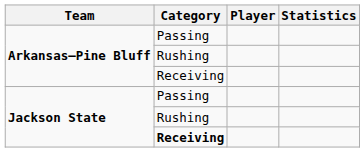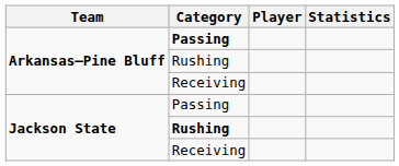 <table class="wikitable" style="float: right;">
 <tr>
 <th>Team</th>
 <th>Category</th>
 <th>Player</th>
 <th>Statistics</th>
 </tr>
 <tr>
 <td rowspan=3><strong>Arkansas–Pine Bluff</strong></td>
-<td>Passing</td>
+<td><strong>Passing</strong></td>
 <td></td>
 <td></td>
 </tr>
 <tr>
 <td>Rushing</td>
 <td></td>
 <td></td>
 </tr>
 <tr>
 <td>Receiving</td>
 <td></td>
 <td></td>
 </tr>
 <tr>
 <td rowspan=3><strong>Jackson State</strong></td>
 <td>Passing</td>
 <td></td>
 <td></td>
 </tr>
 <tr>
-<td>Rushing</td>
+<td><strong>Rushing</strong></td>
 <td></td>
 <td></td>
 </tr>
 <tr>
-<td><strong>Receiving</strong></td>
+<td>Receiving</td>
 <td></td>
 <td></td>
 </tr>
 </table>
